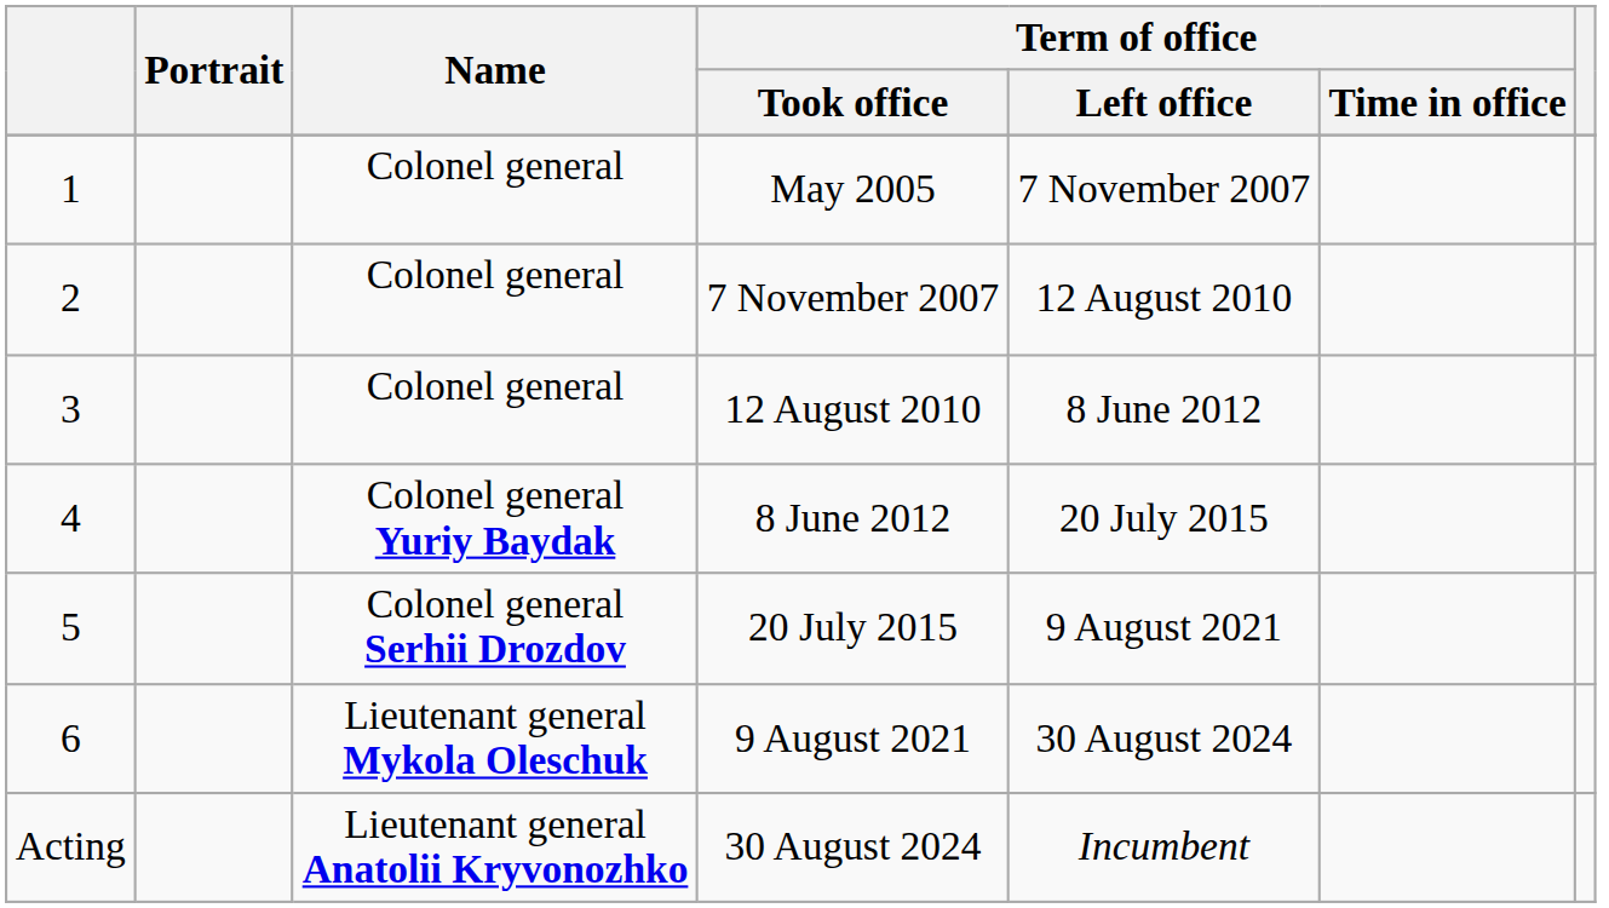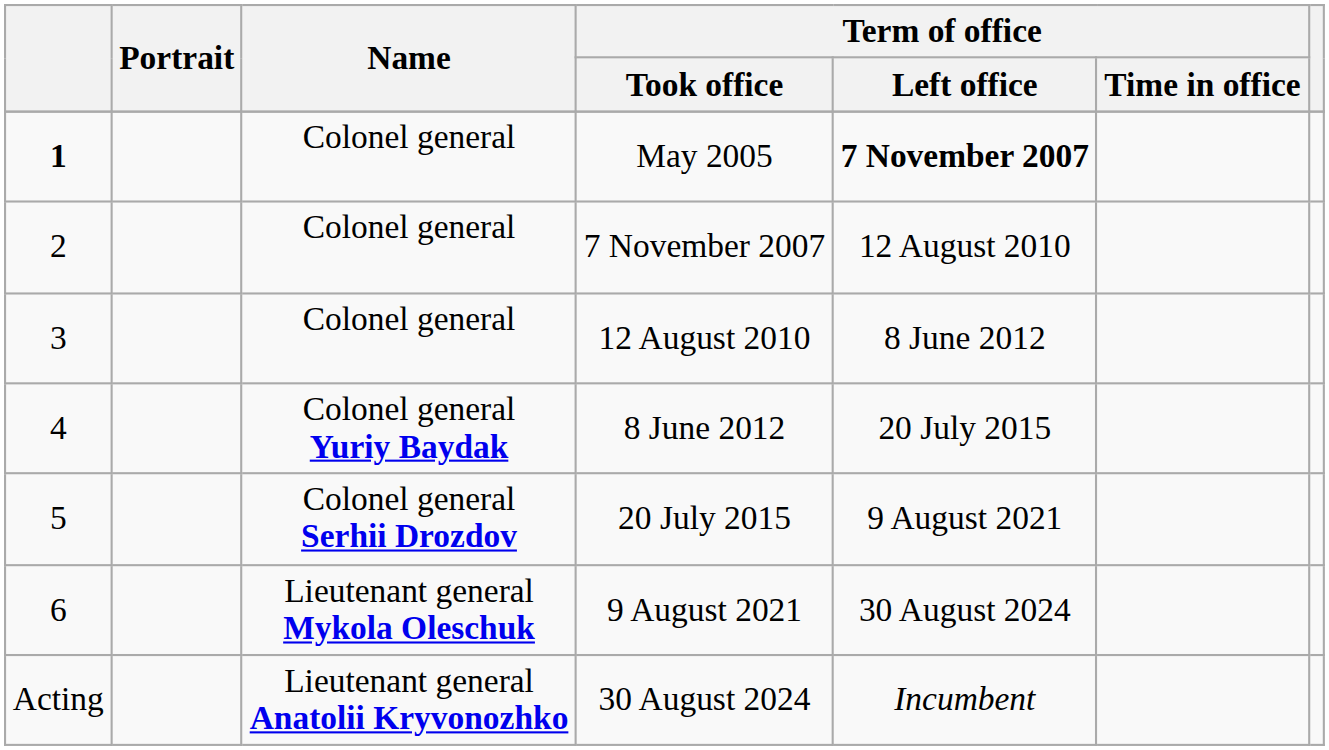 <table class="wikitable" style="text-align:center">
 <tr>
 <th rowspan=2></th>
 <th rowspan=2>Portrait</th>
 <th rowspan=2>Name<br></th>
 <th colspan=3>Term of office</th>
 <th rowspan=2></th>
 </tr>
 <tr>
 <th>Took office</th>
 <th>Left office</th>
 <th>Time in office</th>
 </tr>
 <tr>
 </tr>
 <tr>
-<td>1</td>
+<td><strong>1</strong></td>
 <td></td>
 <td>Colonel general<br><strong></strong><br></td>
 <td>May 2005</td>
-<td>7 November 2007</td>
+<td><strong>7 November 2007</strong></td>
 <td></td>
 <td></td>
 </tr>
 <tr>
 <td>2</td>
 <td></td>
 <td>Colonel general<br><strong></strong><br></td>
 <td>7 November 2007</td>
 <td>12 August 2010</td>
 <td></td>
 <td></td>
 </tr>
 <tr>
 <td>3</td>
 <td></td>
 <td>Colonel general<br><strong></strong><br></td>
 <td>12 August 2010</td>
 <td>8 June 2012</td>
 <td></td>
 <td></td>
 </tr>
 <tr>
 <td>4</td>
 <td></td>
 <td>Colonel general<br><strong><a href='#'>Yuriy Baydak</a></strong><br></td>
 <td>8 June 2012</td>
 <td>20 July 2015</td>
 <td></td>
 <td></td>
 </tr>
 <tr>
 <td>5</td>
 <td></td>
 <td>Colonel general<br><strong><a href='#'>Serhii Drozdov</a></strong><br></td>
 <td>20 July 2015</td>
 <td>9 August 2021</td>
 <td></td>
 <td></td>
 </tr>
 <tr>
 <td>6</td>
 <td></td>
 <td>Lieutenant general<br><strong><a href='#'>Mykola Oleschuk</a></strong><br></td>
 <td>9 August 2021</td>
 <td>30 August 2024</td>
 <td></td>
 <td></td>
 </tr>
 <tr>
 <td>Acting</td>
 <td></td>
 <td>Lieutenant general<br><strong><a href='#'>Anatolii Kryvonozhko</a></strong></td>
 <td>30 August 2024</td>
 <td><em>Incumbent</em></td>
 <td></td>
 <td></td>
 </tr>
 </table>
